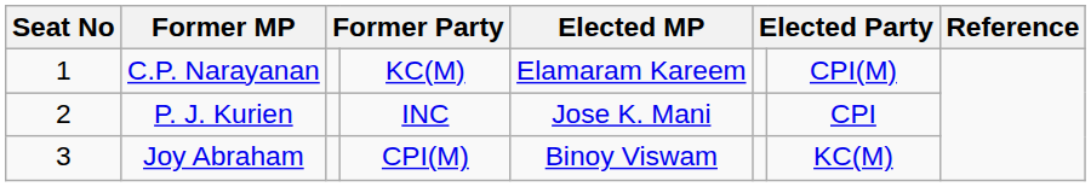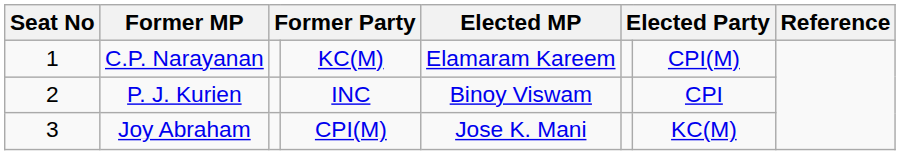 <table class="wikitable">
 <tr>
 <th>Seat No</th>
 <th>Former MP</th>
 <th colspan=2>Former Party</th>
 <th>Elected MP</th>
 <th colspan=2>Elected Party</th>
 <th>Reference</th>
 </tr>
 <tr style="text-align:center;">
 <td>1</td>
 <td><a href='#'>C.P. Narayanan</a></td>
 <td width="1px"></td>
 <td><a href='#'>KC(M)</a></td>
 <td><a href='#'>Elamaram Kareem</a></td>
 <td width="1px"></td>
 <td><a href='#'>CPI(M)</a></td>
 <td rowspan=3></td>
 </tr>
 <tr style="text-align:center;">
 <td>2</td>
 <td><a href='#'>P. J. Kurien</a></td>
 <td width="1px"></td>
 <td><a href='#'>INC</a></td>
-<td><a href='#'>Jose K. Mani</a></td>
+<td><a href='#'>Binoy Viswam</a></td>
 <td width="1px"></td>
 <td><a href='#'>CPI</a></td>
 </tr>
 <tr style="text-align:center;">
 <td>3</td>
 <td><a href='#'>Joy Abraham</a></td>
 <td width="1px"></td>
 <td><a href='#'>CPI(M)</a></td>
-<td><a href='#'>Binoy Viswam</a></td>
+<td><a href='#'>Jose K. Mani</a></td>
 <td width="1px"></td>
 <td><a href='#'>KC(M)</a></td>
 </tr>
 </table>
